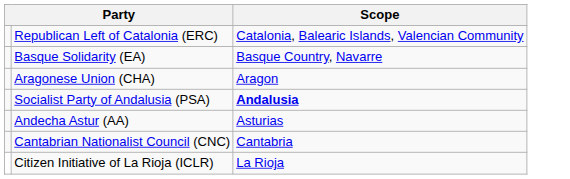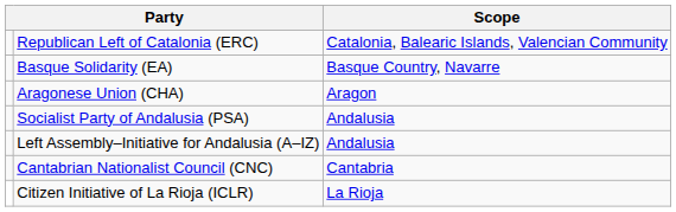 <table class="wikitable" style="text-align:left; font-size:97%;">
 <tr>
 <th colspan="2">Party</th>
 <th>Scope</th>
 </tr>
 <tr>
 <td width="1"></td>
 <td><a href='#'>Republican Left of Catalonia</a> (ERC)</td>
 <td><a href='#'>Catalonia</a>, <a href='#'>Balearic Islands</a>, <a href='#'>Valencian Community</a></td>
 </tr>
 <tr>
 <td></td>
 <td><a href='#'>Basque Solidarity</a> (EA)</td>
 <td><a href='#'>Basque Country</a>, <a href='#'>Navarre</a></td>
 </tr>
 <tr>
 <td></td>
 <td><a href='#'>Aragonese Union</a> (CHA)</td>
 <td><a href='#'>Aragon</a></td>
 </tr>
 <tr>
 <td></td>
 <td><a href='#'>Socialist Party of Andalusia</a> (PSA)</td>
-<td><strong><a href='#'>Andalusia</a></strong></td>
+<td><a href='#'>Andalusia</a></td>
 </tr>
 <tr>
 <td></td>
-<td><a href='#'>Andecha Astur</a> (AA)</td>
-<td><a href='#'>Asturias</a></td>
+<td>Left Assembly–Initiative for Andalusia (A–IZ)</td>
+<td><a href='#'>Andalusia</a></td>
 </tr>
 <tr>
 <td></td>
 <td><a href='#'>Cantabrian Nationalist Council</a> (CNC)</td>
 <td><a href='#'>Cantabria</a></td>
 </tr>
 <tr>
 <td bgcolor="white"></td>
 <td>Citizen Initiative of La Rioja (ICLR)</td>
 <td><a href='#'>La Rioja</a></td>
 </tr>
 </table>
